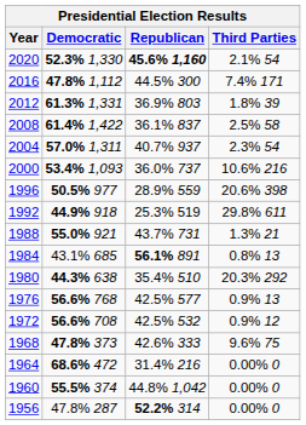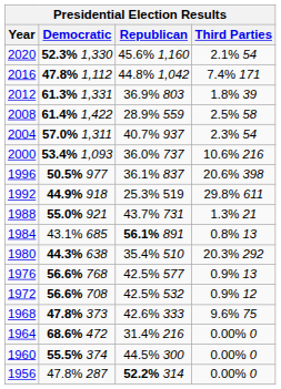 <table class="wikitable">
 <tr>
 <th colspan="4">Presidential Election Results</th>
 </tr>
 <tr>
 <th>Year</th>
 <th><a href='#'>Democratic</a></th>
 <th><a href='#'>Republican</a></th>
 <th><a href='#'>Third Parties</a></th>
 </tr>
 <tr>
 <td align="center" ><a href='#'>2020</a></td>
 <td align="center" ><strong>52.3%</strong> <em>1,330</em></td>
-<td align="center" ><strong>45.6% <em>1,160</em></strong></td>
+<td align="center" >45.6% <em>1,160</em></td>
 <td align="center" >2.1% <em>54</em></td>
 </tr>
 <tr>
 <td align="center" ><a href='#'>2016</a></td>
 <td align="center" ><strong>47.8%</strong> <em>1,112</em></td>
-<td align="center" >44.5% <em>300</em></td>
+<td align="center" >44.8% <em>1,042</em></td>
 <td align="center" >7.4% <em>171</em></td>
 </tr>
 <tr>
 <td align="center" ><a href='#'>2012</a></td>
 <td align="center" ><strong>61.3%</strong> <em>1,331</em></td>
 <td align="center" >36.9% <em>803</em></td>
 <td align="center" >1.8% <em>39</em></td>
 </tr>
 <tr>
 <td align="center" ><a href='#'>2008</a></td>
 <td align="center" ><strong>61.4%</strong> <em>1,422</em></td>
-<td align="center" >36.1% <em>837</em></td>
+<td align="center" >28.9% <em>559</em></td>
 <td align="center" >2.5% <em>58</em></td>
 </tr>
 <tr>
 <td align="center" ><a href='#'>2004</a></td>
 <td align="center" ><strong>57.0%</strong> <em>1,311</em></td>
 <td align="center" >40.7% <em>937</em></td>
 <td align="center" >2.3% <em>54</em></td>
 </tr>
 <tr>
 <td align="center" ><a href='#'>2000</a></td>
 <td align="center" ><strong>53.4%</strong> <em>1,093</em></td>
 <td align="center" >36.0% <em>737</em></td>
 <td align="center" >10.6% <em>216</em></td>
 </tr>
 <tr>
 <td align="center" ><a href='#'>1996</a></td>
 <td align="center" ><strong>50.5%</strong> <em>977</em></td>
-<td align="center" >28.9% <em>559</em></td>
+<td align="center" >36.1% <em>837</em></td>
 <td align="center" >20.6% <em>398</em></td>
 </tr>
 <tr>
 <td align="center" ><a href='#'>1992</a></td>
 <td align="center" ><strong>44.9%</strong> <em>918</em></td>
 <td align="center" >25.3% 519</td>
 <td align="center" >29.8% <em>611</em></td>
 </tr>
 <tr>
 <td align="center" ><a href='#'>1988</a></td>
 <td align="center" ><strong>55.0%</strong> <em>921</em></td>
 <td align="center" >43.7% <em>731</em></td>
 <td align="center" >1.3% <em>21</em></td>
 </tr>
 <tr>
 <td align="center" ><a href='#'>1984</a></td>
 <td align="center" >43.1% <em>685</em></td>
 <td align="center" ><strong>56.1%</strong> <em>891</em></td>
 <td align="center" >0.8% <em>13</em></td>
 </tr>
 <tr>
 <td align="center" ><a href='#'>1980</a></td>
 <td align="center" ><strong>44.3%</strong> <em>638</em></td>
 <td align="center" >35.4% <em>510</em></td>
 <td align="center" >20.3% <em>292</em></td>
 </tr>
 <tr>
 <td align="center" ><a href='#'>1976</a></td>
 <td align="center" ><strong>56.6%</strong> <em>768</em></td>
 <td align="center" >42.5% <em>577</em></td>
 <td align="center" >0.9% <em>13</em></td>
 </tr>
 <tr>
 <td align="center" ><a href='#'>1972</a></td>
 <td align="center" ><strong>56.6%</strong> <em>708</em></td>
 <td align="center" >42.5% <em>532</em></td>
 <td align="center" >0.9% <em>12</em></td>
 </tr>
 <tr>
 <td align="center" ><a href='#'>1968</a></td>
 <td align="center" ><strong>47.8%</strong> <em>373</em></td>
 <td align="center" >42.6% <em>333</em></td>
 <td align="center" >9.6% <em>75</em></td>
 </tr>
 <tr>
 <td align="center" ><a href='#'>1964</a></td>
 <td align="center" ><strong>68.6%</strong> <em>472</em></td>
 <td align="center" >31.4% <em>216</em></td>
 <td align="center" >0.00% <em>0</em></td>
 </tr>
 <tr>
 <td align="center" ><a href='#'>1960</a></td>
 <td align="center" ><strong>55.5%</strong> <em>374</em></td>
-<td align="center" >44.8% <em>1,042</em></td>
+<td align="center" >44.5% <em>300</em></td>
 <td align="center" >0.00% <em>0</em></td>
 </tr>
 <tr>
 <td align="center" ><a href='#'>1956</a></td>
 <td align="center" >47.8% <em>287</em></td>
 <td align="center" ><strong>52.2%</strong> <em>314</em></td>
 <td align="center" >0.00% <em>0</em></td>
 </tr>
 </table>
